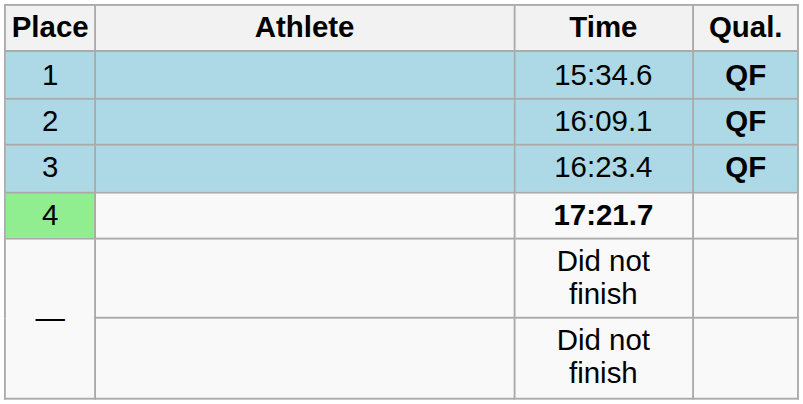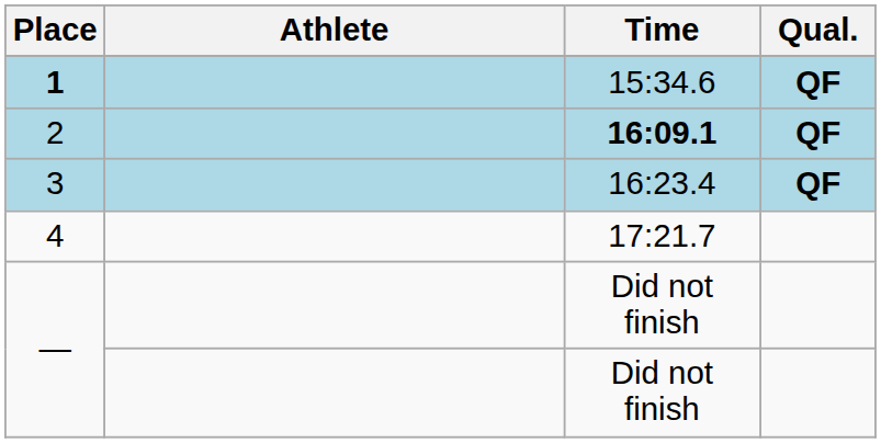 <table class=wikitable style="text-align:center">
 <tr>
 <th width=20>Place</th>
 <th width=220>Athlete</th>
 <th width=90>Time</th>
 <th width=50>Qual.</th>
 </tr>
 <tr>
 </tr>
 <tr bgcolor=lightblue>
-<td>1</td>
+<td><strong>1</strong></td>
 <td align=left></td>
 <td>15:34.6</td>
 <td><strong>QF</strong></td>
 </tr>
 <tr bgcolor=lightblue>
 <td>2</td>
 <td align=left></td>
-<td>16:09.1</td>
+<td><strong>16:09.1</strong></td>
 <td><strong>QF</strong></td>
 </tr>
 <tr bgcolor=lightblue>
 <td>3</td>
 <td align=left></td>
 <td>16:23.4</td>
 <td><strong>QF</strong></td>
 </tr>
 <tr>
-<td style="background: lightgreen;">4</td>
+<td>4</td>
 <td align=left></td>
-<td><strong>17:21.7</strong></td>
+<td>17:21.7</td>
 <td></td>
 </tr>
 <tr>
 <td rowspan=2>—</td>
 <td align=left></td>
 <td>Did not finish</td>
 <td></td>
 </tr>
 <tr>
 <td align=left></td>
 <td>Did not finish</td>
 <td></td>
 </tr>
 </table>
